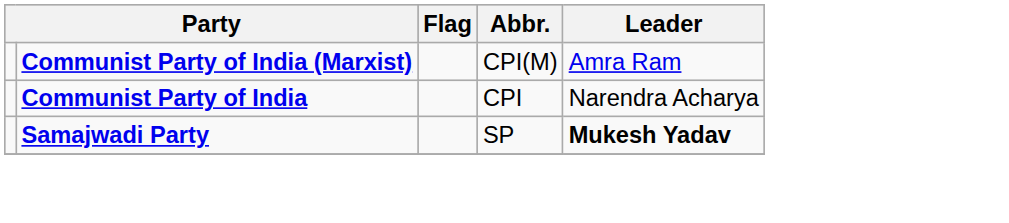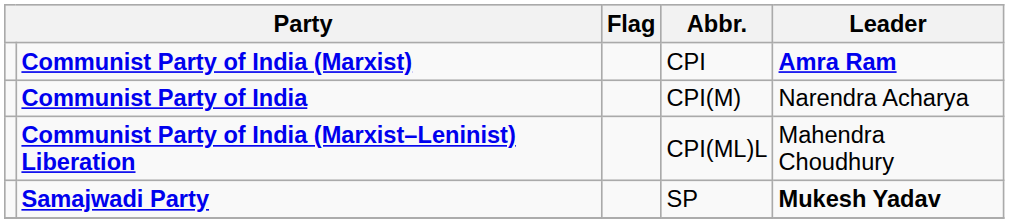 <table class="wikitable" style="font-size:90%">
 <tr>
 <th colspan="2">Party</th>
 <th>Flag</th>
 <th>Abbr.</th>
 <th>Leader</th>
 </tr>
 <tr>
 <td style="background-color: "></td>
 <td><strong><a href='#'>Communist Party of India (Marxist)</a></strong></td>
 <td></td>
-<td>CPI(M)</td>
-<td><a href='#'>Amra Ram</a></td>
+<td>CPI</td>
+<td><strong><a href='#'>Amra Ram</a></strong></td>
 </tr>
 <tr>
 <td style="background-color: "></td>
 <td><strong><a href='#'>Communist Party of India</a></strong></td>
 <td></td>
-<td>CPI</td>
+<td>CPI(M)</td>
 <td>Narendra Acharya</td>
+</tr>
+<tr>
+<td style="background-color: "></td>
+<td><strong><a href='#'>Communist Party of India (Marxist–Leninist) Liberation</a></strong></td>
+<td></td>
+<td>CPI(ML)L</td>
+<td>Mahendra Choudhury</td>
 </tr>
 <tr>
 <td style="background-color: "></td>
 <td><strong><a href='#'>Samajwadi Party</a></strong></td>
 <td></td>
 <td>SP</td>
 <td><strong>Mukesh Yadav</strong></td>
 </tr>
 <tr>
 </tr>
 </table>
